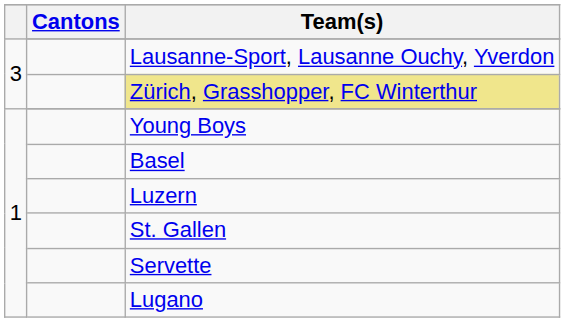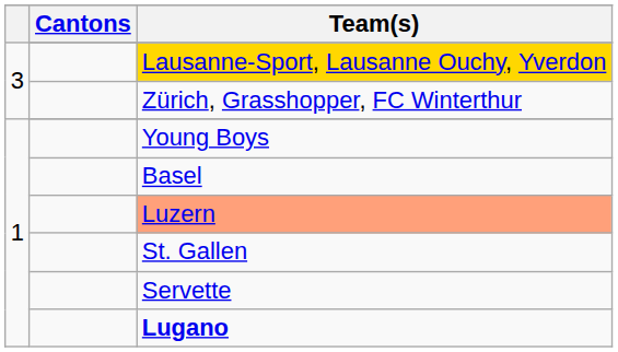 <table class="wikitable" style>
 <tr>
 </tr>
 <tr>
 <th></th>
 <th><a href='#'>Cantons</a></th>
 <th>Team(s)</th>
 </tr>
 <tr>
 <td align=center rowspan=3>3</td>
 </tr>
 <tr>
 <td align="left"></td>
-<td><a href='#'>Lausanne-Sport</a>, <a href='#'>Lausanne Ouchy</a>, <a href='#'>Yverdon</a></td>
+<td style="background: gold;"><a href='#'>Lausanne-Sport</a>, <a href='#'>Lausanne Ouchy</a>, <a href='#'>Yverdon</a></td>
 </tr>
 <tr>
 <td align="left"></td>
-<td style="background: khaki;"><a href='#'>Zürich</a>, <a href='#'>Grasshopper</a>, <a href='#'>FC Winterthur</a></td>
+<td><a href='#'>Zürich</a>, <a href='#'>Grasshopper</a>, <a href='#'>FC Winterthur</a></td>
 </tr>
 <tr>
 <td align=center rowspan=7>1</td>
 </tr>
 <tr>
 <td align"left"></td>
 <td><a href='#'>Young Boys</a></td>
 </tr>
 <tr>
 <td align="left"></td>
 <td><a href='#'>Basel</a></td>
 </tr>
 <tr>
 <td align="left"></td>
-<td><a href='#'>Luzern</a></td>
+<td style="background: lightsalmon;"><a href='#'>Luzern</a></td>
 </tr>
 <tr>
 <td align="left"></td>
 <td><a href='#'>St. Gallen</a></td>
 </tr>
 <tr>
 <td align="left"></td>
 <td><a href='#'>Servette</a></td>
 </tr>
 <tr>
 <td align="left"></td>
-<td><a href='#'>Lugano</a></td>
+<td><strong><a href='#'>Lugano</a></strong></td>
 </tr>
 </table>
